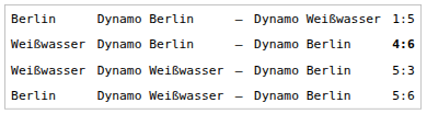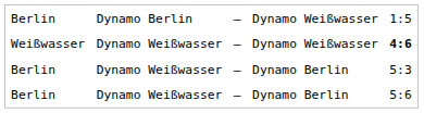 <table cellspacing="0" border="0" cellpadding="6" style="border:1px solid #bbb; background-color:#FFFFFF;">
 <tr>
 <td>Berlin</td>
 <td>Dynamo Berlin</td>
 <td>–</td>
 <td>Dynamo Weißwasser</td>
 <td>1:5</td>
 </tr>
 <tr>
 <td>Weißwasser</td>
-<td>Dynamo Berlin</td>
+<td>Dynamo Weißwasser</td>
 <td>–</td>
-<td>Dynamo Berlin</td>
+<td>Dynamo Weißwasser</td>
 <td><strong>4:6</strong></td>
 </tr>
 <tr>
-<td>Weißwasser</td>
+<td>Berlin</td>
 <td>Dynamo Weißwasser</td>
 <td>–</td>
 <td>Dynamo Berlin</td>
 <td>5:3</td>
 </tr>
 <tr>
 <td>Berlin</td>
 <td>Dynamo Weißwasser</td>
 <td>–</td>
 <td>Dynamo Berlin</td>
 <td>5:6</td>
 </tr>
 </table>
